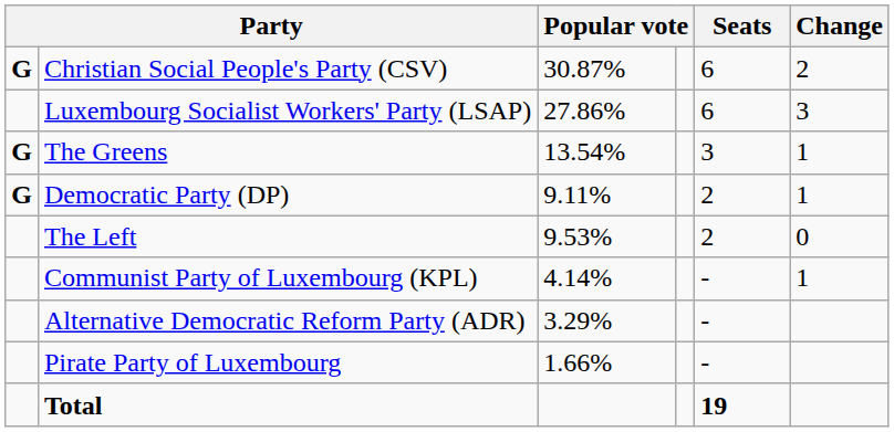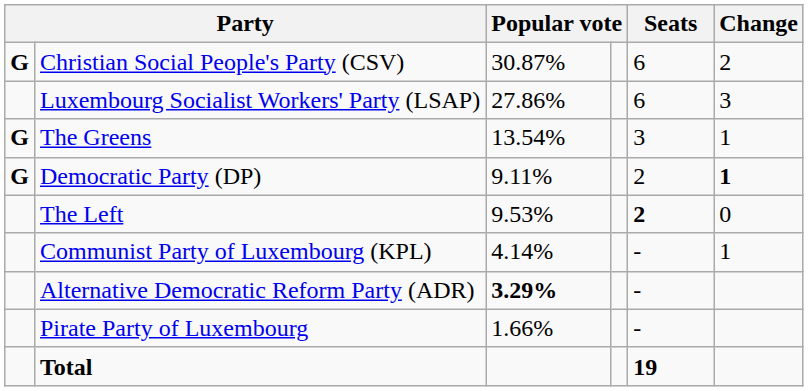 <table class="wikitable">
 <tr>
 <th colspan="2" width="300px">Party</th>
 <th colspan="2">Popular vote</th>
 <th width="50px">Seats</th>
 <th>Change</th>
 </tr>
 <tr>
 <td style="background-color: "><strong>G</strong></td>
 <td valign="top"><a href='#'>Christian Social People's Party</a> (CSV)</td>
 <td>30.87%</td>
 <td></td>
 <td valign="top">6</td>
 <td> 2</td>
 </tr>
 <tr>
 <td style="background-color: "></td>
 <td valign="top"><a href='#'>Luxembourg Socialist Workers' Party</a> (LSAP)</td>
 <td>27.86%</td>
 <td></td>
 <td valign="top">6</td>
 <td> 3</td>
 </tr>
 <tr>
 <td style="background-color: "><strong>G</strong></td>
 <td valign="top"><a href='#'>The Greens</a></td>
 <td>13.54%</td>
 <td></td>
 <td valign="top">3</td>
 <td> 1</td>
 </tr>
 <tr>
 <td width="5px" style="background-color: "><strong>G</strong></td>
 <td valign="top"><a href='#'>Democratic Party</a> (DP)</td>
 <td>9.11%</td>
 <td></td>
 <td valign="top">2</td>
-<td> 1</td>
+<td><strong> 1</strong></td>
 </tr>
 <tr>
 <td style="background-color: "></td>
 <td valign="top"><a href='#'>The Left</a></td>
 <td>9.53%</td>
 <td></td>
-<td valign="top">2</td>
+<td valign="top"><strong>2</strong></td>
 <td> 0</td>
 </tr>
 <tr>
 <td style="background-color: "></td>
 <td><a href='#'>Communist Party of Luxembourg</a> (KPL)</td>
 <td>4.14%</td>
 <td></td>
 <td>-</td>
 <td> 1</td>
 </tr>
 <tr>
 <td style="background-color: "></td>
 <td><a href='#'>Alternative Democratic Reform Party</a> (ADR)</td>
-<td>3.29%</td>
+<td><strong>3.29%</strong></td>
 <td></td>
 <td>-</td>
 <td></td>
 </tr>
 <tr>
 <td style="background-color: "></td>
 <td><a href='#'>Pirate Party of Luxembourg</a></td>
 <td>1.66%</td>
 <td></td>
 <td>-</td>
 <td></td>
 </tr>
 <tr>
 <td></td>
 <td valign="top"><strong>Total</strong></td>
 <td></td>
 <td></td>
 <td valign="top"><strong>19</strong></td>
 <td></td>
 </tr>
 </table>
